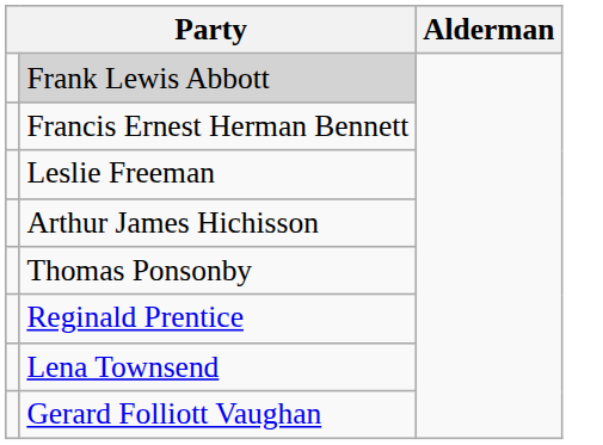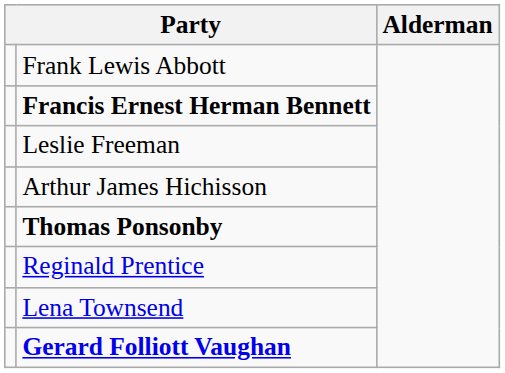 <table class="wikitable">
 <tr>
 <th colspan="2">Party</th>
 <th>Alderman</th>
 </tr>
 <tr>
 <td></td>
-<td style="background: lightgrey;">Frank Lewis Abbott</td>
+<td>Frank Lewis Abbott</td>
 </tr>
 <tr>
 <td></td>
-<td>Francis Ernest Herman Bennett</td>
+<td><strong>Francis Ernest Herman Bennett</strong></td>
 </tr>
 <tr>
 <td></td>
 <td>Leslie Freeman</td>
 </tr>
 <tr>
 <td></td>
 <td>Arthur James Hichisson</td>
 </tr>
 <tr>
 <td></td>
-<td>Thomas Ponsonby</td>
+<td><strong>Thomas Ponsonby</strong></td>
 </tr>
 <tr>
 <td></td>
 <td><a href='#'>Reginald Prentice</a></td>
 </tr>
 <tr>
 <td></td>
 <td><a href='#'>Lena Townsend</a></td>
 </tr>
 <tr>
 <td></td>
-<td><a href='#'>Gerard Folliott Vaughan</a></td>
+<td><strong><a href='#'>Gerard Folliott Vaughan</a></strong></td>
 </tr>
 </table>
